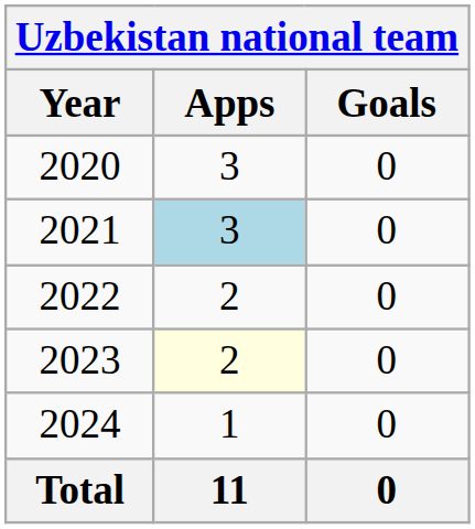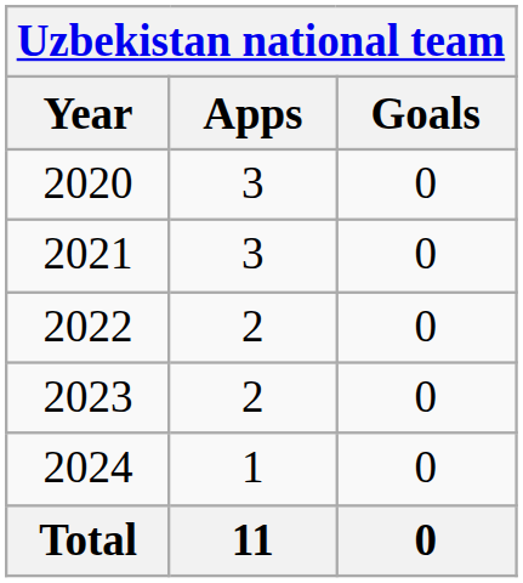 <table class="wikitable" style="text-align:center">
 <tr>
 <th colspan=3><a href='#'>Uzbekistan national team</a></th>
 </tr>
 <tr>
 <th>Year</th>
 <th>Apps</th>
 <th>Goals</th>
 </tr>
 <tr>
 <td>2020</td>
 <td>3</td>
 <td>0</td>
 </tr>
 <tr>
 <td>2021</td>
-<td style="background: lightblue;">3</td>
+<td>3</td>
 <td>0</td>
 </tr>
 <tr>
 <td>2022</td>
 <td>2</td>
 <td>0</td>
 </tr>
 <tr>
 <td>2023</td>
-<td style="background: lightyellow;">2</td>
+<td>2</td>
 <td>0</td>
 </tr>
 <tr>
 <td>2024</td>
 <td>1</td>
 <td>0</td>
 </tr>
 <tr>
 <th>Total</th>
 <th>11</th>
 <th>0</th>
 </tr>
 </table>
